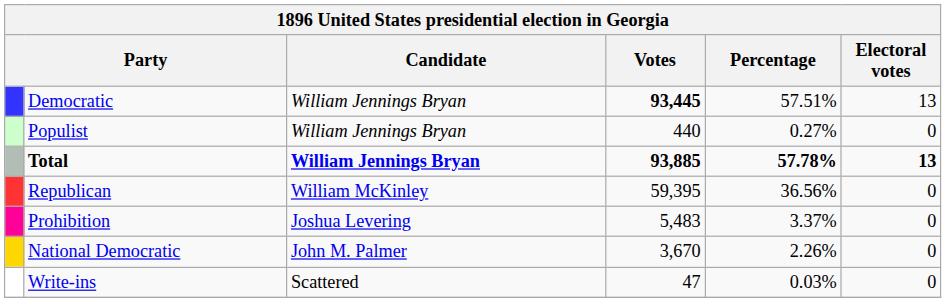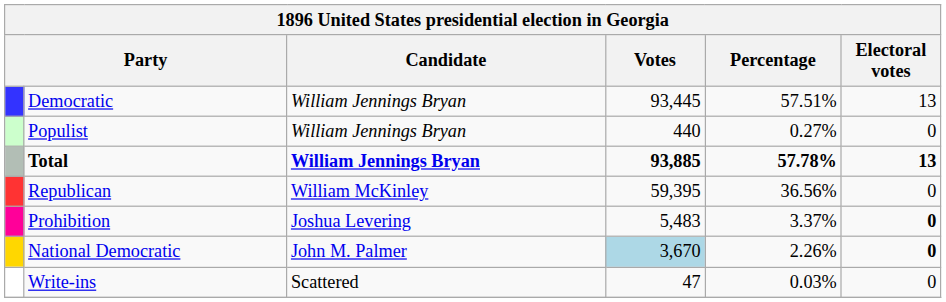 <table class="wikitable" style="font-size: 95%;">
 <tr>
 <th colspan="6">1896 United States presidential election in Georgia</th>
 </tr>
 <tr>
 <th colspan="2" style="width: 15em">Party</th>
 <th style="width: 17em">Candidate</th>
 <th style="width: 5em">Votes</th>
 <th style="width: 7em">Percentage</th>
 <th style="width: 5em">Electoral votes</th>
 </tr>
 <tr>
 <th style="background-color:#3333FF; width: 3px"></th>
 <td style="width: 130px"><a href='#'>Democratic</a></td>
 <td><em>William Jennings Bryan</em></td>
-<td align="right"><strong>93,445</strong></td>
+<td align="right">93,445</td>
 <td align="right">57.51%</td>
 <td align="right">13</td>
 </tr>
 <tr>
 <th style="background-color:#CCFFCC; width: 3px"></th>
 <td style="width: 130px"><a href='#'>Populist</a></td>
 <td><em>William Jennings Bryan</em></td>
 <td align="right">440</td>
 <td align="right">0.27%</td>
 <td align="right">0</td>
 </tr>
 <tr>
 <th style="background-color:#B2BEB5; width: 3px"></th>
 <td style="width: 130px"><strong> Total</strong></td>
 <td><strong><a href='#'>William Jennings Bryan</a></strong></td>
 <td align="right"><strong>93,885</strong></td>
 <td align="right"><strong>57.78%</strong></td>
 <td align="right"><strong>13</strong></td>
 </tr>
 <tr>
 <th style="background-color:#FF3333; width: 3px"></th>
 <td style="width: 130px"><a href='#'>Republican</a></td>
 <td><a href='#'>William McKinley</a></td>
 <td align="right">59,395</td>
 <td align="right">36.56%</td>
 <td align="right">0</td>
 </tr>
 <tr>
 <th style="background-color:#f09; width: 3px"></th>
 <td style="width: 130px"><a href='#'>Prohibition</a></td>
 <td><a href='#'>Joshua Levering</a></td>
 <td align="right">5,483</td>
 <td align="right">3.37%</td>
-<td align="right">0</td>
+<td align="right"><strong>0</strong></td>
 </tr>
 <tr>
 <th style="background-color:#FFD700; width: 3px"></th>
 <td style="width: 130px"><a href='#'>National Democratic</a></td>
 <td><a href='#'>John M. Palmer</a></td>
-<td align="right">3,670</td>
+<td align="right" style="background: lightblue;">3,670</td>
 <td align="right">2.26%</td>
-<td align="right">0</td>
+<td align="right"><strong>0</strong></td>
 </tr>
 <tr>
 <th style="background-color:#FFFFFF; width: 3px"></th>
 <td style="width: 130px"><a href='#'>Write-ins</a></td>
 <td>Scattered</td>
 <td align="right">47</td>
 <td align="right">0.03%</td>
 <td align="right">0</td>
 </tr>
 <tr>
 </tr>
 </table>
